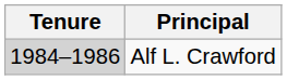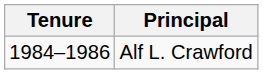 <table class="wikitable sortable">
 <tr>
 <th>Tenure</th>
 <th>Principal</th>
 </tr>
 <tr>
-<td style="background: lightgrey;">1984–1986</td>
+<td>1984–1986</td>
 <td>Alf L. Crawford</td>
 </tr>
 </table>
